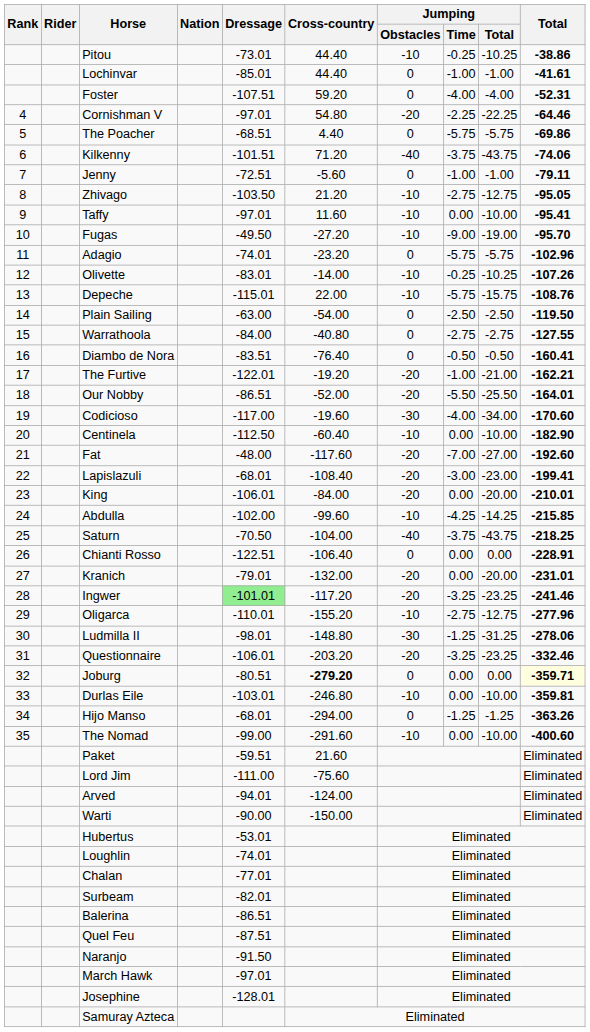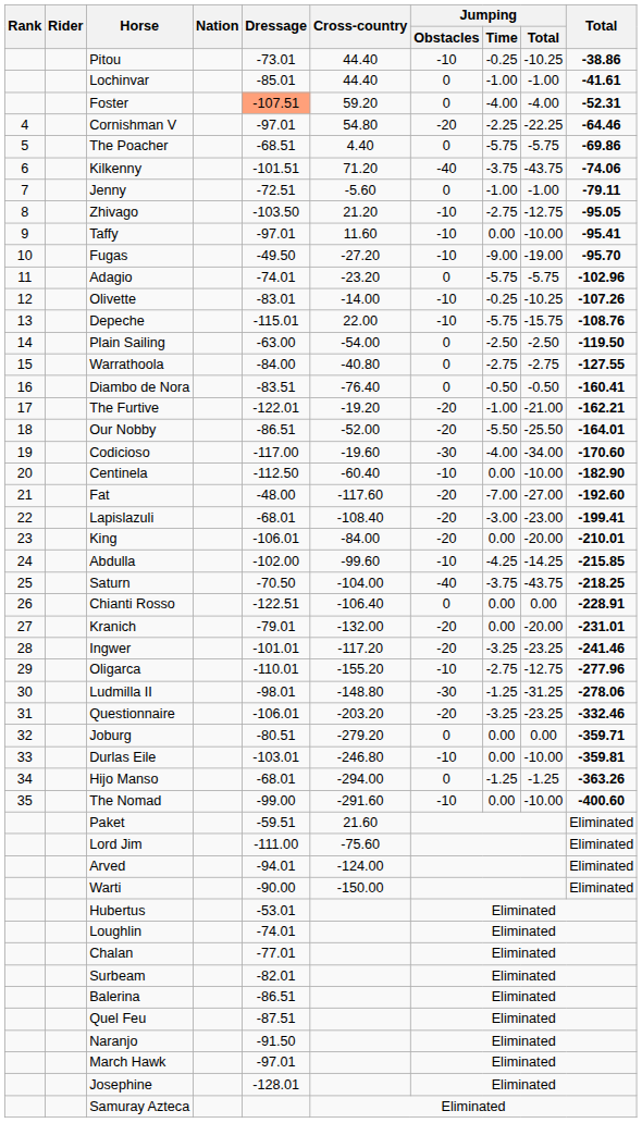 <table class="wikitable sortable" style="text-align:center">
 <tr>
 <th rowspan=2>Rank</th>
 <th rowspan=2>Rider</th>
 <th rowspan=2>Horse</th>
 <th rowspan=2>Nation</th>
 <th rowspan=2>Dressage</th>
 <th rowspan=2>Cross-country</th>
 <th colspan=3>Jumping</th>
 <th rowspan=2>Total</th>
 </tr>
 <tr>
 <th>Obstacles</th>
 <th>Time</th>
 <th>Total</th>
 </tr>
 <tr>
 <td></td>
 <td align=left></td>
 <td align=left>Pitou</td>
 <td align=left></td>
 <td>-73.01</td>
 <td>44.40</td>
 <td>-10</td>
 <td>-0.25</td>
 <td>-10.25</td>
 <td><strong>-38.86</strong></td>
 </tr>
 <tr>
 <td></td>
 <td align=left></td>
 <td align=left>Lochinvar</td>
 <td align=left></td>
 <td>-85.01</td>
 <td>44.40</td>
 <td>0</td>
 <td>-1.00</td>
 <td>-1.00</td>
 <td><strong>-41.61</strong></td>
 </tr>
 <tr>
 <td></td>
 <td align=left></td>
 <td align=left>Foster</td>
 <td align=left></td>
-<td>-107.51</td>
+<td style="background: lightsalmon;">-107.51</td>
 <td>59.20</td>
 <td>0</td>
 <td>-4.00</td>
 <td>-4.00</td>
 <td><strong>-52.31</strong></td>
 </tr>
 <tr>
 <td>4</td>
 <td align=left></td>
 <td align=left>Cornishman V</td>
 <td align=left></td>
 <td>-97.01</td>
 <td>54.80</td>
 <td>-20</td>
 <td>-2.25</td>
 <td>-22.25</td>
 <td><strong>-64.46</strong></td>
 </tr>
 <tr>
 <td>5</td>
 <td align=left></td>
 <td align=left>The Poacher</td>
 <td align=left></td>
 <td>-68.51</td>
 <td>4.40</td>
 <td>0</td>
 <td>-5.75</td>
 <td>-5.75</td>
 <td><strong>-69.86</strong></td>
 </tr>
 <tr>
 <td>6</td>
 <td align=left></td>
 <td align=left>Kilkenny</td>
 <td align=left></td>
 <td>-101.51</td>
 <td>71.20</td>
 <td>-40</td>
 <td>-3.75</td>
 <td>-43.75</td>
 <td><strong>-74.06</strong></td>
 </tr>
 <tr>
 <td>7</td>
 <td align=left></td>
 <td align=left>Jenny</td>
 <td align=left></td>
 <td>-72.51</td>
 <td>-5.60</td>
 <td>0</td>
 <td>-1.00</td>
 <td>-1.00</td>
 <td><strong>-79.11</strong></td>
 </tr>
 <tr>
 <td>8</td>
 <td align=left></td>
 <td align=left>Zhivago</td>
 <td align=left></td>
 <td>-103.50</td>
 <td>21.20</td>
 <td>-10</td>
 <td>-2.75</td>
 <td>-12.75</td>
 <td><strong>-95.05</strong></td>
 </tr>
 <tr>
 <td>9</td>
 <td align=left></td>
 <td align=left>Taffy</td>
 <td align=left></td>
 <td>-97.01</td>
 <td>11.60</td>
 <td>-10</td>
 <td>0.00</td>
 <td>-10.00</td>
 <td><strong>-95.41</strong></td>
 </tr>
 <tr>
 <td>10</td>
 <td align=left></td>
 <td align=left>Fugas</td>
 <td align=left></td>
 <td>-49.50</td>
 <td>-27.20</td>
 <td>-10</td>
 <td>-9.00</td>
 <td>-19.00</td>
 <td><strong>-95.70</strong></td>
 </tr>
 <tr>
 <td>11</td>
 <td align=left></td>
 <td align=left>Adagio</td>
 <td align=left></td>
 <td>-74.01</td>
 <td>-23.20</td>
 <td>0</td>
 <td>-5.75</td>
 <td>-5.75</td>
 <td><strong>-102.96</strong></td>
 </tr>
 <tr>
 <td>12</td>
 <td align=left></td>
 <td align=left>Olivette</td>
 <td align=left></td>
 <td>-83.01</td>
 <td>-14.00</td>
 <td>-10</td>
 <td>-0.25</td>
 <td>-10.25</td>
 <td><strong>-107.26</strong></td>
 </tr>
 <tr>
 <td>13</td>
 <td align=left></td>
 <td align=left>Depeche</td>
 <td align=left></td>
 <td>-115.01</td>
 <td>22.00</td>
 <td>-10</td>
 <td>-5.75</td>
 <td>-15.75</td>
 <td><strong>-108.76</strong></td>
 </tr>
 <tr>
 <td>14</td>
 <td align=left></td>
 <td align=left>Plain Sailing</td>
 <td align=left></td>
 <td>-63.00</td>
 <td>-54.00</td>
 <td>0</td>
 <td>-2.50</td>
 <td>-2.50</td>
 <td><strong>-119.50</strong></td>
 </tr>
 <tr>
 <td>15</td>
 <td align=left></td>
 <td align=left>Warrathoola</td>
 <td align=left></td>
 <td>-84.00</td>
 <td>-40.80</td>
 <td>0</td>
 <td>-2.75</td>
 <td>-2.75</td>
 <td><strong>-127.55</strong></td>
 </tr>
 <tr>
 <td>16</td>
 <td align=left></td>
 <td align=left>Diambo de Nora</td>
 <td align=left></td>
 <td>-83.51</td>
 <td>-76.40</td>
 <td>0</td>
 <td>-0.50</td>
 <td>-0.50</td>
 <td><strong>-160.41</strong></td>
 </tr>
 <tr>
 <td>17</td>
 <td align=left></td>
 <td align=left>The Furtive</td>
 <td align=left></td>
 <td>-122.01</td>
 <td>-19.20</td>
 <td>-20</td>
 <td>-1.00</td>
 <td>-21.00</td>
 <td><strong>-162.21</strong></td>
 </tr>
 <tr>
 <td>18</td>
 <td align=left></td>
 <td align=left>Our Nobby</td>
 <td align=left></td>
 <td>-86.51</td>
 <td>-52.00</td>
 <td>-20</td>
 <td>-5.50</td>
 <td>-25.50</td>
 <td><strong>-164.01</strong></td>
 </tr>
 <tr>
 <td>19</td>
 <td align=left></td>
 <td align=left>Codicioso</td>
 <td align=left></td>
 <td>-117.00</td>
 <td>-19.60</td>
 <td>-30</td>
 <td>-4.00</td>
 <td>-34.00</td>
 <td><strong>-170.60</strong></td>
 </tr>
 <tr>
 <td>20</td>
 <td align=left></td>
 <td align=left>Centinela</td>
 <td align=left></td>
 <td>-112.50</td>
 <td>-60.40</td>
 <td>-10</td>
 <td>0.00</td>
 <td>-10.00</td>
 <td><strong>-182.90</strong></td>
 </tr>
 <tr>
 <td>21</td>
 <td align=left></td>
 <td align=left>Fat</td>
 <td align=left></td>
 <td>-48.00</td>
 <td>-117.60</td>
 <td>-20</td>
 <td>-7.00</td>
 <td>-27.00</td>
 <td><strong>-192.60</strong></td>
 </tr>
 <tr>
 <td>22</td>
 <td align=left></td>
 <td align=left>Lapislazuli</td>
 <td align=left></td>
 <td>-68.01</td>
 <td>-108.40</td>
 <td>-20</td>
 <td>-3.00</td>
 <td>-23.00</td>
 <td><strong>-199.41</strong></td>
 </tr>
 <tr>
 <td>23</td>
 <td align=left></td>
 <td align=left>King</td>
 <td align=left></td>
 <td>-106.01</td>
 <td>-84.00</td>
 <td>-20</td>
 <td>0.00</td>
 <td>-20.00</td>
 <td><strong>-210.01</strong></td>
 </tr>
 <tr>
 <td>24</td>
 <td align=left></td>
 <td align=left>Abdulla</td>
 <td align=left></td>
 <td>-102.00</td>
 <td>-99.60</td>
 <td>-10</td>
 <td>-4.25</td>
 <td>-14.25</td>
 <td><strong>-215.85</strong></td>
 </tr>
 <tr>
 <td>25</td>
 <td align=left></td>
 <td align=left>Saturn</td>
 <td align=left></td>
 <td>-70.50</td>
 <td>-104.00</td>
 <td>-40</td>
 <td>-3.75</td>
 <td>-43.75</td>
 <td><strong>-218.25</strong></td>
 </tr>
 <tr>
 <td>26</td>
 <td align=left></td>
 <td align=left>Chianti Rosso</td>
 <td align=left></td>
 <td>-122.51</td>
 <td>-106.40</td>
 <td>0</td>
 <td>0.00</td>
 <td>0.00</td>
 <td><strong>-228.91</strong></td>
 </tr>
 <tr>
 <td>27</td>
 <td align=left></td>
 <td align=left>Kranich</td>
 <td align=left></td>
 <td>-79.01</td>
 <td>-132.00</td>
 <td>-20</td>
 <td>0.00</td>
 <td>-20.00</td>
 <td><strong>-231.01</strong></td>
 </tr>
 <tr>
 <td>28</td>
 <td align=left></td>
 <td align=left>Ingwer</td>
 <td align=left></td>
-<td style="background: lightgreen;">-101.01</td>
+<td>-101.01</td>
 <td>-117.20</td>
 <td>-20</td>
 <td>-3.25</td>
 <td>-23.25</td>
 <td><strong>-241.46</strong></td>
 </tr>
 <tr>
 <td>29</td>
 <td align=left></td>
 <td align=left>Oligarca</td>
 <td align=left></td>
 <td>-110.01</td>
 <td>-155.20</td>
 <td>-10</td>
 <td>-2.75</td>
 <td>-12.75</td>
 <td><strong>-277.96</strong></td>
 </tr>
 <tr>
 <td>30</td>
 <td align=left></td>
 <td align=left>Ludmilla II</td>
 <td align=left></td>
 <td>-98.01</td>
 <td>-148.80</td>
 <td>-30</td>
 <td>-1.25</td>
 <td>-31.25</td>
 <td><strong>-278.06</strong></td>
 </tr>
 <tr>
 <td>31</td>
 <td align=left></td>
 <td align=left>Questionnaire</td>
 <td align=left></td>
 <td>-106.01</td>
 <td>-203.20</td>
 <td>-20</td>
 <td>-3.25</td>
 <td>-23.25</td>
 <td><strong>-332.46</strong></td>
 </tr>
 <tr>
 <td>32</td>
 <td align=left></td>
 <td align=left>Joburg</td>
 <td align=left></td>
 <td>-80.51</td>
-<td><strong>-279.20</strong></td>
+<td>-279.20</td>
 <td>0</td>
 <td>0.00</td>
 <td>0.00</td>
-<td style="background: lightyellow;"><strong>-359.71</strong></td>
+<td><strong>-359.71</strong></td>
 </tr>
 <tr>
 <td>33</td>
 <td align=left></td>
 <td align=left>Durlas Eile</td>
 <td align=left></td>
 <td>-103.01</td>
 <td>-246.80</td>
 <td>-10</td>
 <td>0.00</td>
 <td>-10.00</td>
 <td><strong>-359.81</strong></td>
 </tr>
 <tr>
 <td>34</td>
 <td align=left></td>
 <td align=left>Hijo Manso</td>
 <td align=left></td>
 <td>-68.01</td>
 <td>-294.00</td>
 <td>0</td>
 <td>-1.25</td>
 <td>-1.25</td>
 <td><strong>-363.26</strong></td>
 </tr>
 <tr>
 <td>35</td>
 <td align=left></td>
 <td align=left>The Nomad</td>
 <td align=left></td>
 <td>-99.00</td>
 <td>-291.60</td>
 <td>-10</td>
 <td>0.00</td>
 <td>-10.00</td>
 <td><strong>-400.60</strong></td>
 </tr>
 <tr>
 <td></td>
 <td align=left></td>
 <td align=left>Paket</td>
 <td align=left></td>
 <td>-59.51</td>
 <td>21.60</td>
 <td colspan=3></td>
 <td>Eliminated</td>
 </tr>
 <tr>
 <td></td>
 <td align=left></td>
 <td align=left>Lord Jim</td>
 <td align=left></td>
 <td>-111.00</td>
 <td>-75.60</td>
 <td colspan=3></td>
 <td>Eliminated</td>
 </tr>
 <tr>
 <td></td>
 <td align=left></td>
 <td align=left>Arved</td>
 <td align=left></td>
 <td>-94.01</td>
 <td>-124.00</td>
 <td colspan=3></td>
 <td>Eliminated</td>
 </tr>
 <tr>
 <td></td>
 <td align=left></td>
 <td align=left>Warti</td>
 <td align=left></td>
 <td>-90.00</td>
 <td>-150.00</td>
 <td colspan=3></td>
 <td>Eliminated</td>
 </tr>
 <tr>
 <td></td>
 <td align=left></td>
 <td align=left>Hubertus</td>
 <td align=left></td>
 <td>-53.01</td>
 <td></td>
 <td colspan=4>Eliminated</td>
 </tr>
 <tr>
 <td></td>
 <td align=left></td>
 <td align=left>Loughlin</td>
 <td align=left></td>
 <td>-74.01</td>
 <td></td>
 <td colspan=4>Eliminated</td>
 </tr>
 <tr>
 <td></td>
 <td align=left></td>
 <td align=left>Chalan</td>
 <td align=left></td>
 <td>-77.01</td>
 <td></td>
 <td colspan=4>Eliminated</td>
 </tr>
 <tr>
 <td></td>
 <td align=left></td>
 <td align=left>Surbeam</td>
 <td align=left></td>
 <td>-82.01</td>
 <td></td>
 <td colspan=4>Eliminated</td>
 </tr>
 <tr>
 <td></td>
 <td align=left></td>
 <td align=left>Balerina</td>
 <td align=left></td>
 <td>-86.51</td>
 <td></td>
 <td colspan=4>Eliminated</td>
 </tr>
 <tr>
 <td></td>
 <td align=left></td>
 <td align=left>Quel Feu</td>
 <td align=left></td>
 <td>-87.51</td>
 <td></td>
 <td colspan=4>Eliminated</td>
 </tr>
 <tr>
 <td></td>
 <td align=left></td>
 <td align=left>Naranjo</td>
 <td align=left></td>
 <td>-91.50</td>
 <td></td>
 <td colspan=4>Eliminated</td>
 </tr>
 <tr>
 <td></td>
 <td align=left></td>
 <td align=left>March Hawk</td>
 <td align=left></td>
 <td>-97.01</td>
 <td></td>
 <td colspan=4>Eliminated</td>
 </tr>
 <tr>
 <td></td>
 <td align=left></td>
 <td align=left>Josephine</td>
 <td align=left></td>
 <td>-128.01</td>
 <td></td>
 <td colspan=4>Eliminated</td>
 </tr>
 <tr>
 <td></td>
 <td align=left></td>
 <td align=left>Samuray Azteca</td>
 <td align=left></td>
 <td></td>
 <td colspan=5>Eliminated</td>
 </tr>
 </table>
